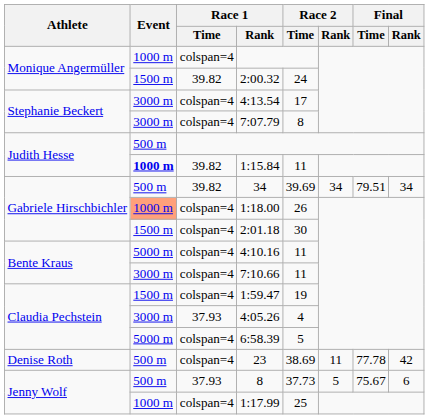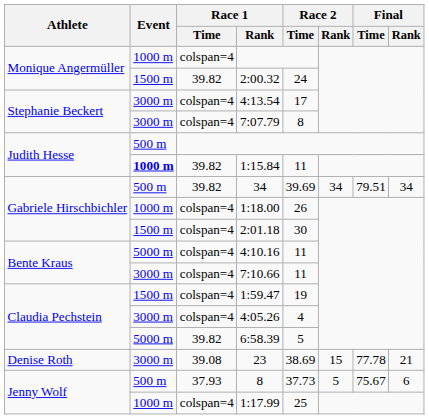 <table class="wikitable" style="font-size:90%">
 <tr>
 <th rowspan=2>Athlete</th>
 <th rowspan=2>Event</th>
 <th colspan=2>Race 1</th>
 <th colspan=2>Race 2</th>
 <th colspan=2>Final</th>
 </tr>
 <tr style="font-size:95%">
 <th>Time</th>
 <th>Rank</th>
 <th>Time</th>
 <th>Rank</th>
 <th>Time</th>
 <th>Rank</th>
 </tr>
 <tr align=center>
 <td align=left rowspan=2><a href='#'>Monique Angermüller</a></td>
 <td align=left><a href='#'>1000 m</a></td>
 <td>colspan=4 </td>
 <td colspan=2></td>
 </tr>
 <tr align=center>
 <td align=left><a href='#'>1500 m</a></td>
 <td>39.82</td>
 <td>2:00.32</td>
 <td>24</td>
 </tr>
 <tr align=center>
 <td align=left rowspan=2><a href='#'>Stephanie Beckert</a></td>
 <td align=left><a href='#'>3000 m</a></td>
 <td>colspan=4 </td>
 <td>4:13.54</td>
 <td>17</td>
 </tr>
 <tr align=center>
 <td align=left><a href='#'>3000 m</a></td>
 <td>colspan=4 </td>
 <td>7:07.79</td>
 <td>8</td>
 </tr>
 <tr align=center>
 <td align=left rowspan=2><a href='#'>Judith Hesse</a></td>
 <td align=left><a href='#'>500 m</a></td>
 <td colspan=6></td>
 </tr>
 <tr align=center>
 <td align=left><strong><a href='#'>1000 m</a></strong></td>
 <td>39.82</td>
 <td>1:15.84</td>
 <td>11</td>
 </tr>
 <tr align=center>
 <td align=left rowspan=3><a href='#'>Gabriele Hirschbichler</a></td>
 <td align=left><a href='#'>500 m</a></td>
 <td>39.82</td>
 <td>34</td>
 <td>39.69</td>
 <td>34</td>
 <td>79.51</td>
 <td>34</td>
 </tr>
 <tr align=center>
-<td align=left style="background: lightsalmon;"><a href='#'>1000 m</a></td>
+<td align=left><a href='#'>1000 m</a></td>
 <td>colspan=4 </td>
 <td>1:18.00</td>
 <td>26</td>
 </tr>
 <tr align=center>
 <td align=left><a href='#'>1500 m</a></td>
 <td>colspan=4 </td>
 <td>2:01.18</td>
 <td>30</td>
 </tr>
 <tr align=center>
 <td align=left rowspan=2><a href='#'>Bente Kraus</a></td>
 <td align=left><a href='#'>5000 m</a></td>
 <td>colspan=4 </td>
 <td>4:10.16</td>
 <td>11</td>
 </tr>
 <tr align=center>
 <td align=left><a href='#'>3000 m</a></td>
 <td>colspan=4 </td>
 <td>7:10.66</td>
 <td>11</td>
 </tr>
 <tr align=center>
 <td align=left rowspan=3><a href='#'>Claudia Pechstein</a></td>
 <td align=left><a href='#'>1500 m</a></td>
 <td>colspan=4 </td>
 <td>1:59.47</td>
 <td>19</td>
 </tr>
 <tr align=center>
 <td align=left><a href='#'>3000 m</a></td>
-<td>37.93</td>
+<td>colspan=4 </td>
 <td>4:05.26</td>
 <td>4</td>
 </tr>
 <tr align=center>
 <td align=left><a href='#'>5000 m</a></td>
-<td>colspan=4 </td>
+<td>39.82</td>
 <td>6:58.39</td>
 <td>5</td>
 </tr>
 <tr align=center>
 <td align=left><a href='#'>Denise Roth</a></td>
-<td align=left><a href='#'>500 m</a></td>
-<td>colspan=4 </td>
+<td align=left><a href='#'>3000 m</a></td>
+<td>39.08</td>
 <td>23</td>
 <td>38.69</td>
-<td>11</td>
+<td>15</td>
 <td>77.78</td>
-<td>42</td>
+<td>21</td>
 </tr>
 <tr align=center>
 <td align=left rowspan=2><a href='#'>Jenny Wolf</a></td>
 <td align=left><a href='#'>500 m</a></td>
 <td>37.93</td>
 <td>8</td>
 <td>37.73</td>
 <td>5</td>
 <td>75.67</td>
 <td>6</td>
 </tr>
 <tr align=center>
 <td align=left><a href='#'>1000 m</a></td>
 <td>colspan=4 </td>
 <td>1:17.99</td>
 <td>25</td>
 </tr>
 </table>
